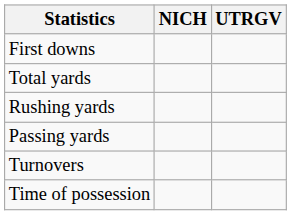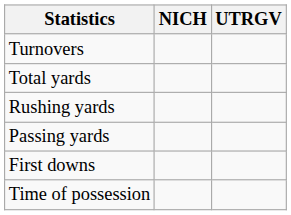 <table class="wikitable" style="float:left">
 <tr>
 <th>Statistics</th>
 <th>NICH</th>
 <th>UTRGV</th>
 </tr>
 <tr>
-<td>First downs</td>
+<td>Turnovers</td>
 <td></td>
 <td></td>
 </tr>
 <tr>
 <td>Total yards</td>
 <td></td>
 <td></td>
 </tr>
 <tr>
 <td>Rushing yards</td>
 <td></td>
 <td></td>
 </tr>
 <tr>
 <td>Passing yards</td>
 <td></td>
 <td></td>
 </tr>
 <tr>
-<td>Turnovers</td>
+<td>First downs</td>
 <td></td>
 <td></td>
 </tr>
 <tr>
 <td>Time of possession</td>
 <td></td>
 <td></td>
 </tr>
 </table>
